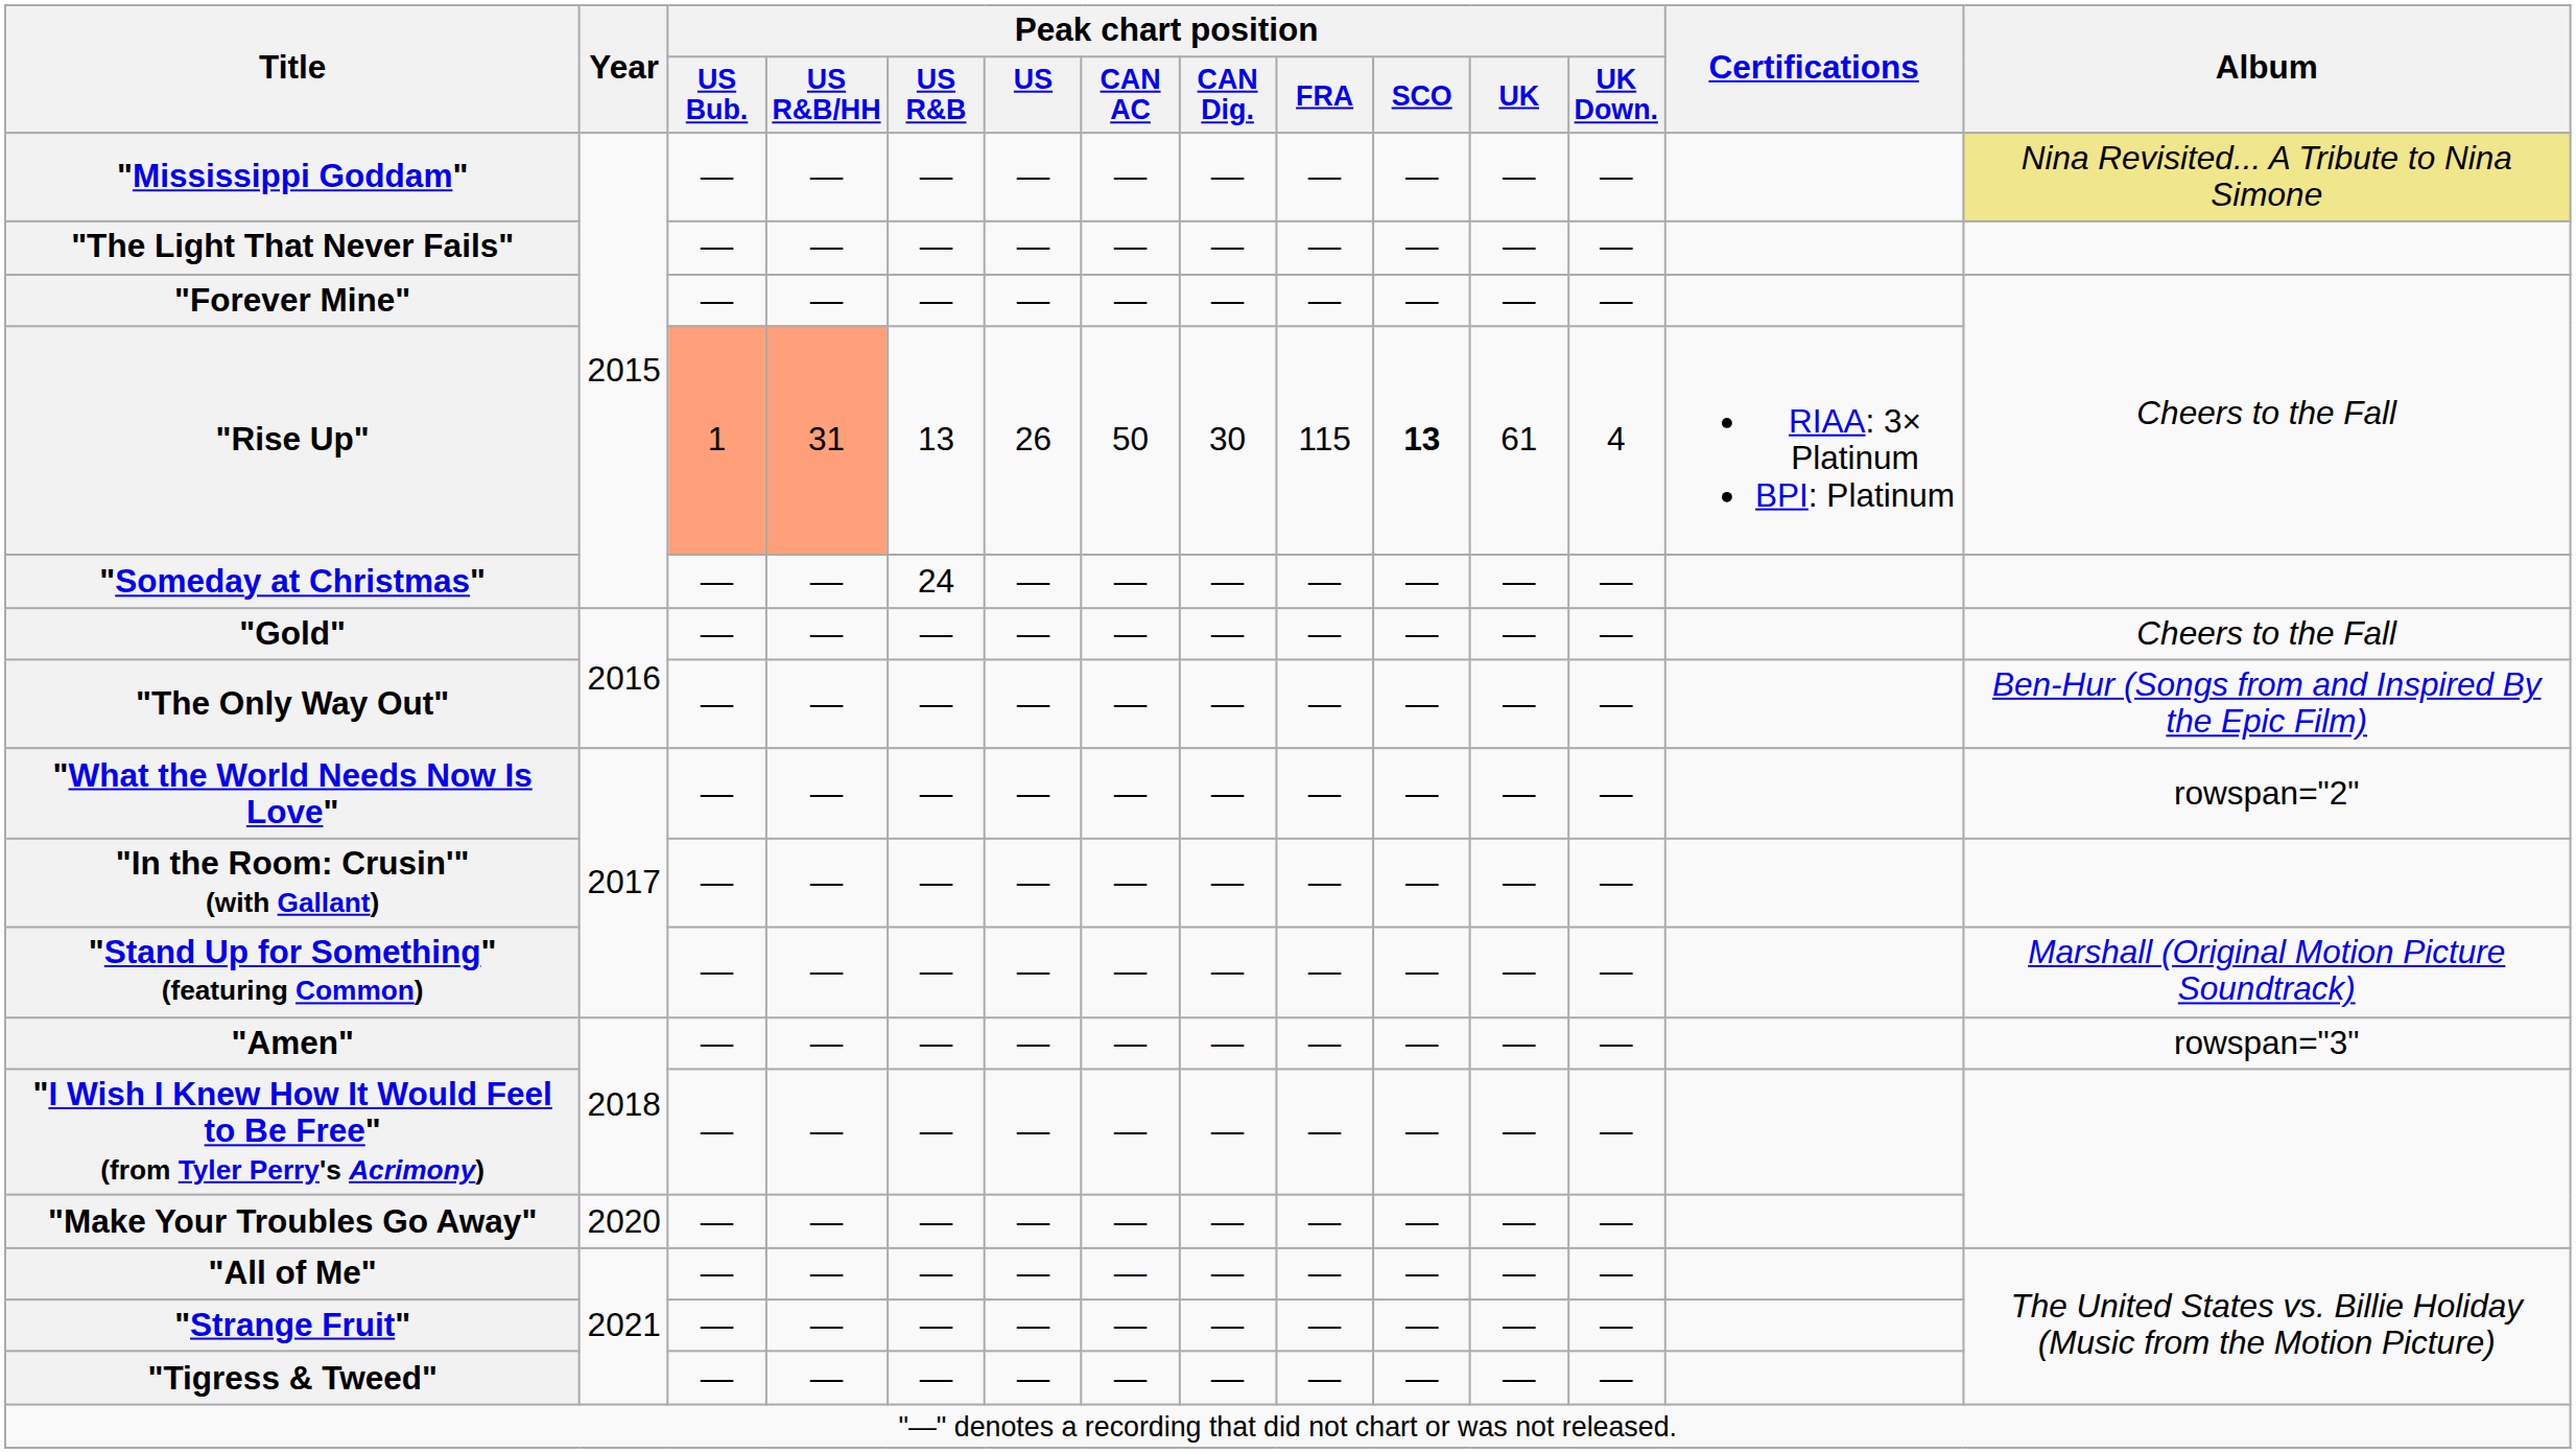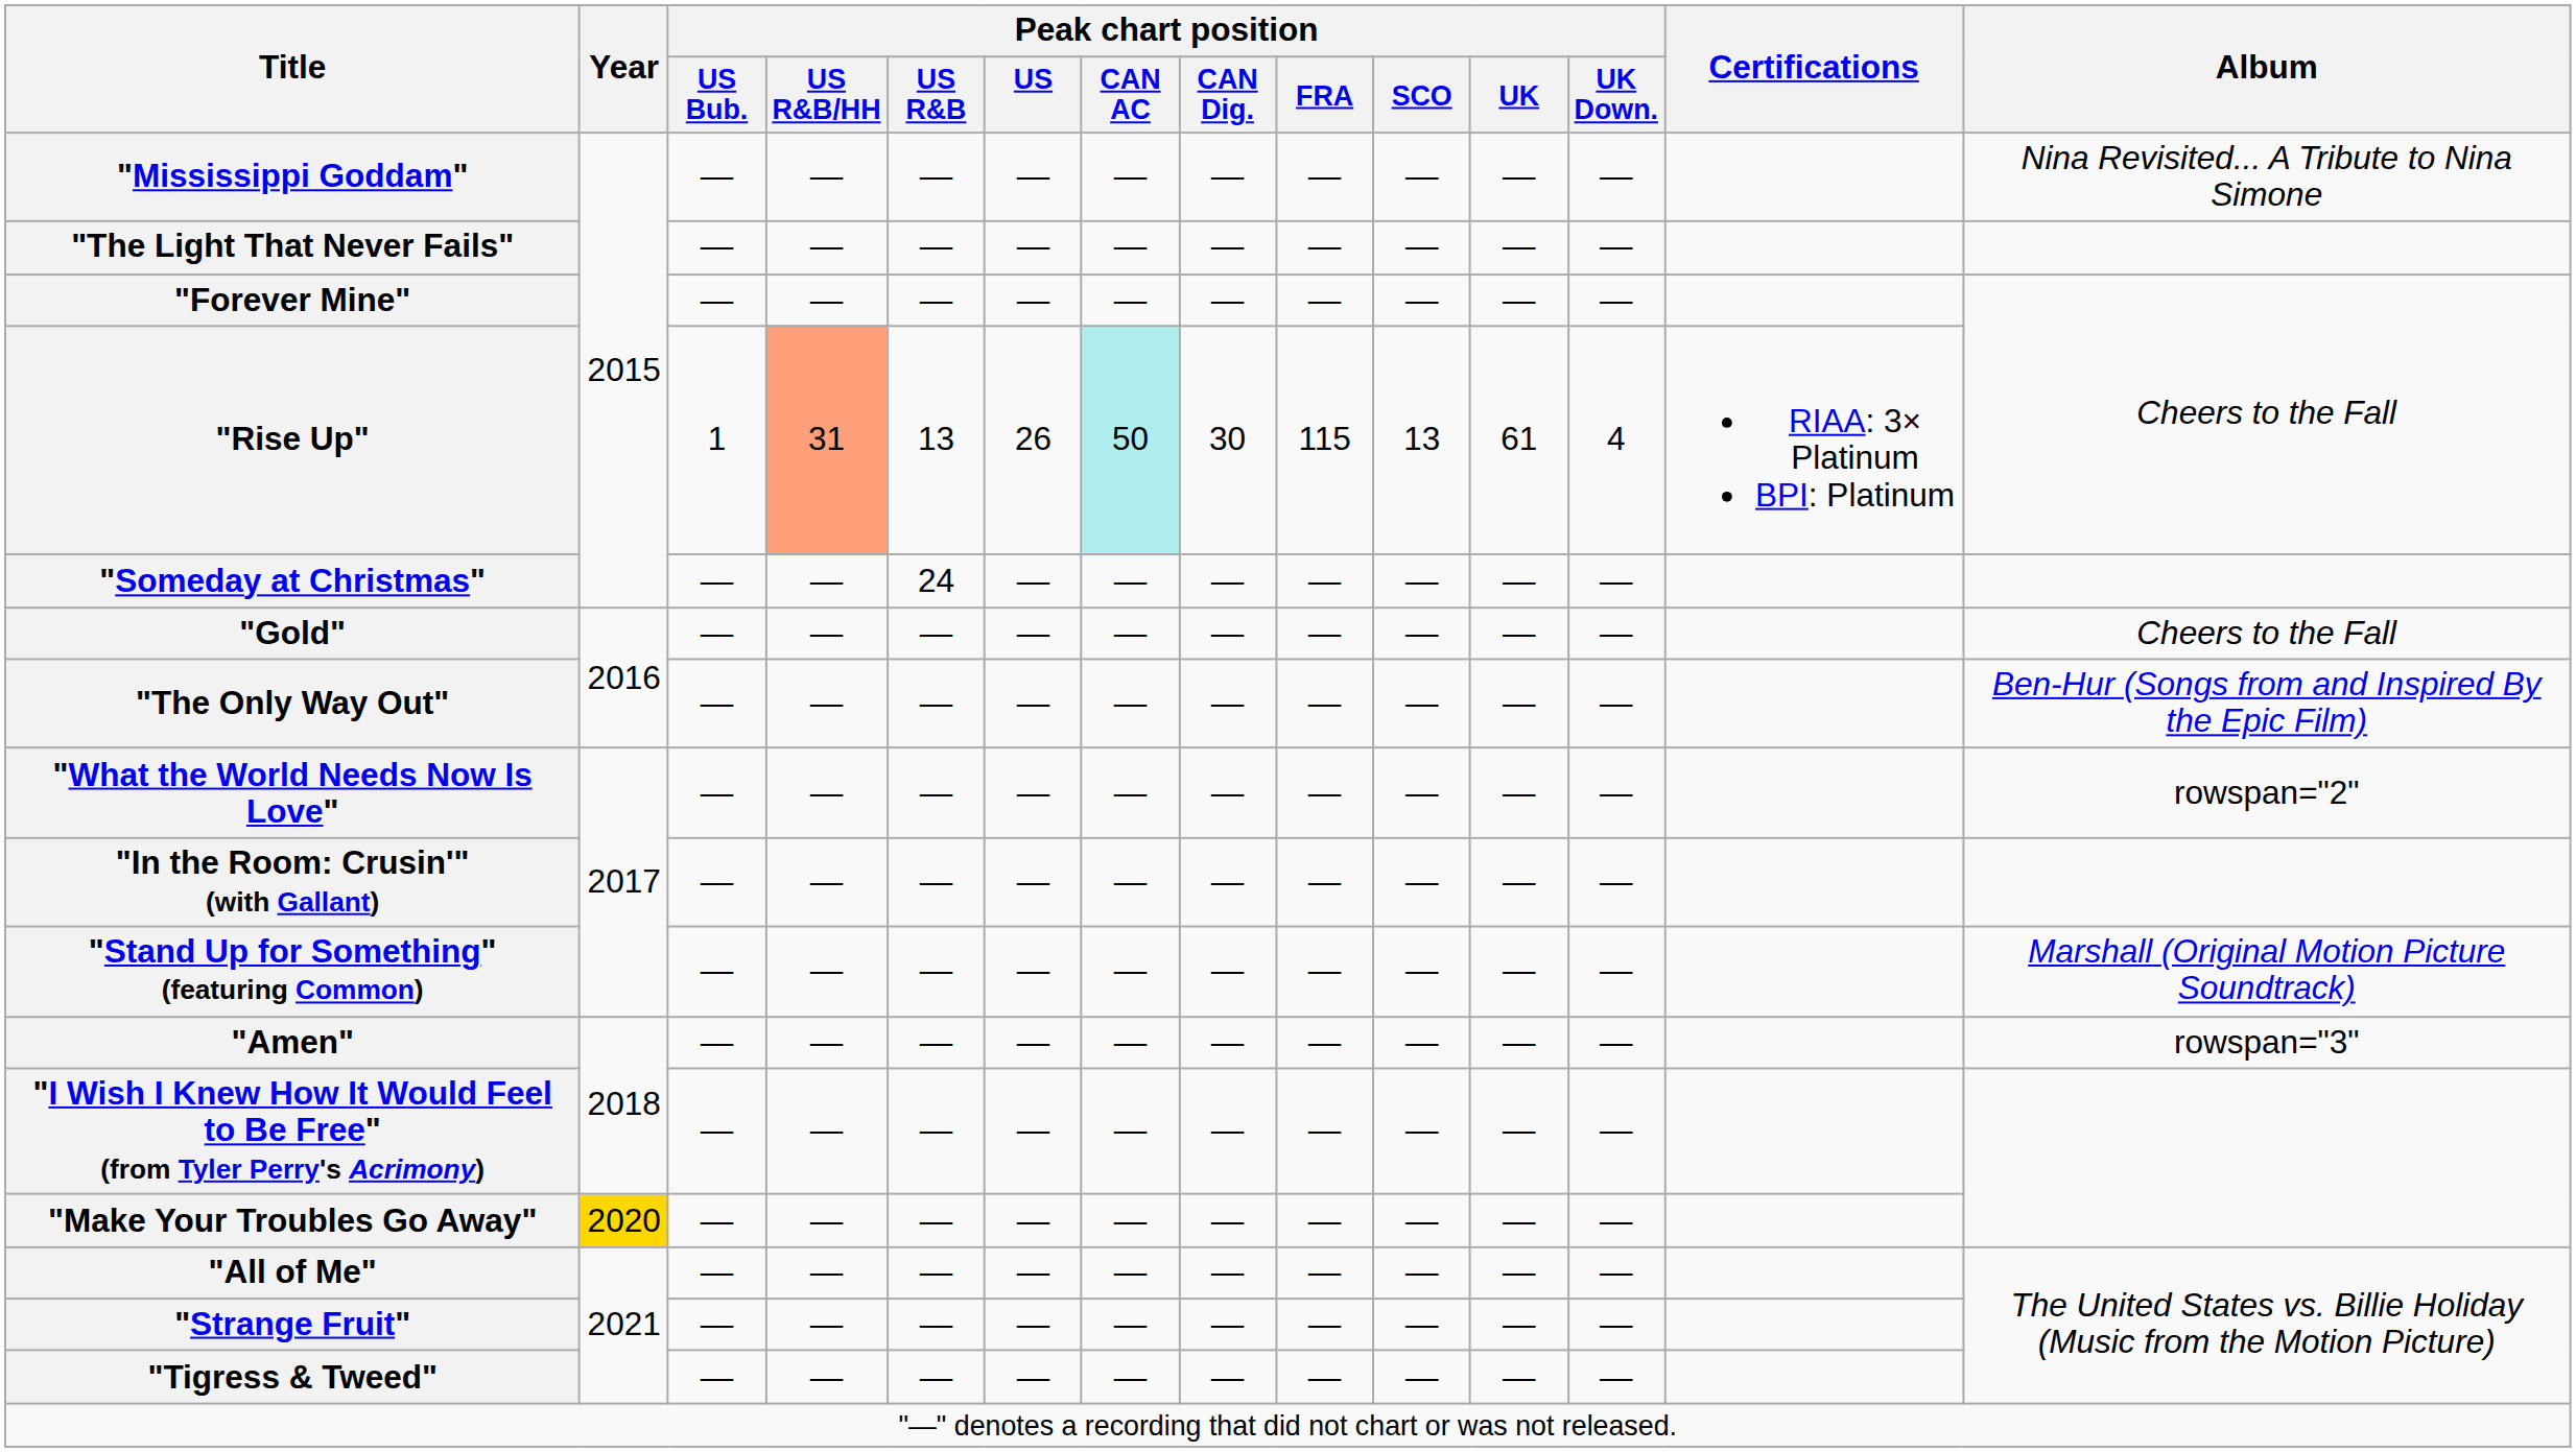 <table class="wikitable plainrowheaders" style="text-align:center;">
 <tr>
 <th scope="col" rowspan="2" style="width:17em;">Title</th>
 <th scope="col" rowspan="2" style="width:1em;">Year</th>
 <th scope="col" colspan="10">Peak chart position</th>
 <th scope="col" rowspan="2"><a href='#'>Certifications</a></th>
 <th scope="col" rowspan="2">Album</th>
 </tr>
 <tr>
 <th scope="col" style="width:3em;font-size:85%;"><a href='#'>US<br>Bub.</a><br></th>
 <th scope="col" style="width:3em;font-size:85%;"><a href='#'>US<br>R&B/HH</a><br></th>
 <th scope="col" style="width:3em;font-size:85%;"><a href='#'>US<br>R&B</a><br></th>
 <th scope="col" style="width:3em;font-size:85%;"><a href='#'>US<br></a><br></th>
 <th scope="col" style="width:3em;font-size:85%;"><a href='#'>CAN<br>AC</a><br></th>
 <th scope="col" style="width:3em;font-size:85%;"><a href='#'>CAN<br>Dig.</a><br></th>
 <th scope="col" style="width:3em;font-size:85%;"><a href='#'>FRA</a><br></th>
 <th scope="col" style="width:3em;font-size:85%;"><a href='#'>SCO</a></th>
 <th scope="col" style="width:3em;font-size:85%;"><a href='#'>UK</a><br></th>
 <th scope="col" style="width:3em;font-size:85%;"><a href='#'>UK Down.</a><br></th>
 </tr>
 <tr>
 <th scope="row">"<a href='#'>Mississippi Goddam</a>"</th>
 <td rowspan="5">2015</td>
 <td>—</td>
 <td>—</td>
 <td>—</td>
 <td>—</td>
 <td>—</td>
 <td>—</td>
 <td>—</td>
 <td>—</td>
 <td>—</td>
 <td>—</td>
 <td></td>
-<td style="background: khaki;"><em>Nina Revisited... A Tribute to Nina Simone</em></td>
+<td><em>Nina Revisited... A Tribute to Nina Simone</em></td>
 </tr>
 <tr>
 <th scope="row">"The Light That Never Fails"</th>
 <td>—</td>
 <td>—</td>
 <td>—</td>
 <td>—</td>
 <td>—</td>
 <td>—</td>
 <td>—</td>
 <td>—</td>
 <td>—</td>
 <td>—</td>
 <td></td>
 <td></td>
 </tr>
 <tr>
 <th scope="row">"Forever Mine"</th>
 <td>—</td>
 <td>—</td>
 <td>—</td>
 <td>—</td>
 <td>—</td>
 <td>—</td>
 <td>—</td>
 <td>—</td>
 <td>—</td>
 <td>—</td>
 <td></td>
 <td rowspan="2"><em>Cheers to the Fall</em></td>
 </tr>
 <tr>
 <th scope="row">"Rise Up"</th>
-<td style="background: lightsalmon;">1</td>
+<td>1</td>
 <td style="background: lightsalmon;">31</td>
 <td>13</td>
 <td>26</td>
-<td>50</td>
+<td style="background: paleturquoise;">50</td>
 <td>30</td>
 <td>115</td>
-<td><strong>13</strong></td>
+<td>13</td>
 <td>61</td>
 <td>4</td>
 <td><br><ul><li><a href='#'>RIAA</a>: 3× Platinum</li><li><a href='#'>BPI</a>: Platinum</li></ul></td>
 </tr>
 <tr>
 <th scope="row">"<a href='#'>Someday at Christmas</a>"<br></th>
 <td>—</td>
 <td>—</td>
 <td>24</td>
 <td>—</td>
 <td>—</td>
 <td>—</td>
 <td>—</td>
 <td>—</td>
 <td>—</td>
 <td>—</td>
 <td></td>
 <td></td>
 </tr>
 <tr>
 <th scope="row">"Gold"</th>
 <td rowspan="2">2016</td>
 <td>—</td>
 <td>—</td>
 <td>—</td>
 <td>—</td>
 <td>—</td>
 <td>—</td>
 <td>—</td>
 <td>—</td>
 <td>—</td>
 <td>—</td>
 <td></td>
 <td><em>Cheers to the Fall</em></td>
 </tr>
 <tr>
 <th scope="row">"The Only Way Out"</th>
 <td>—</td>
 <td>—</td>
 <td>—</td>
 <td>—</td>
 <td>—</td>
 <td>—</td>
 <td>—</td>
 <td>—</td>
 <td>—</td>
 <td>—</td>
 <td></td>
 <td><em><a href='#'>Ben-Hur (Songs from and Inspired By the Epic Film)</a></em></td>
 </tr>
 <tr>
 <th scope="row">"<a href='#'>What the World Needs Now Is Love</a>"</th>
 <td rowspan="3">2017</td>
 <td>—</td>
 <td>—</td>
 <td>—</td>
 <td>—</td>
 <td>—</td>
 <td>—</td>
 <td>—</td>
 <td>—</td>
 <td>—</td>
 <td>—</td>
 <td></td>
 <td>rowspan="2" </td>
 </tr>
 <tr>
 <th scope="row">"In the Room: Crusin'"<br><small>(with <a href='#'>Gallant</a>)</small></th>
 <td>—</td>
 <td>—</td>
 <td>—</td>
 <td>—</td>
 <td>—</td>
 <td>—</td>
 <td>—</td>
 <td>—</td>
 <td>—</td>
 <td>—</td>
 <td></td>
 </tr>
 <tr>
 <th scope="row">"<a href='#'>Stand Up for Something</a>"<br><small>(featuring <a href='#'>Common</a>)</small></th>
 <td>—</td>
 <td>—</td>
 <td>—</td>
 <td>—</td>
 <td>—</td>
 <td>—</td>
 <td>—</td>
 <td>—</td>
 <td>—</td>
 <td>—</td>
 <td></td>
 <td><em><a href='#'>Marshall (Original Motion Picture Soundtrack)</a></em></td>
 </tr>
 <tr>
 <th scope="row">"Amen"</th>
 <td rowspan="2">2018</td>
 <td>—</td>
 <td>—</td>
 <td>—</td>
 <td>—</td>
 <td>—</td>
 <td>—</td>
 <td>—</td>
 <td>—</td>
 <td>—</td>
 <td>—</td>
 <td></td>
 <td>rowspan="3" </td>
 </tr>
 <tr>
 <th scope="row">"<a href='#'>I Wish I Knew How It Would Feel to Be Free</a>"<br><small>(from <a href='#'>Tyler Perry</a>'s <em><a href='#'>Acrimony</a></em>)</small></th>
 <td>—</td>
 <td>—</td>
 <td>—</td>
 <td>—</td>
 <td>—</td>
 <td>—</td>
 <td>—</td>
 <td>—</td>
 <td>—</td>
 <td>—</td>
 <td></td>
 </tr>
 <tr>
 <th scope="row">"Make Your Troubles Go Away"</th>
-<td>2020</td>
+<td style="background: gold;">2020</td>
 <td>—</td>
 <td>—</td>
 <td>—</td>
 <td>—</td>
 <td>—</td>
 <td>—</td>
 <td>—</td>
 <td>—</td>
 <td>—</td>
 <td>—</td>
 <td></td>
 </tr>
 <tr>
 <th scope="row">"All of Me"</th>
 <td rowspan="3">2021</td>
 <td>—</td>
 <td>—</td>
 <td>—</td>
 <td>—</td>
 <td>—</td>
 <td>—</td>
 <td>—</td>
 <td>—</td>
 <td>—</td>
 <td>—</td>
 <td></td>
 <td rowspan="3"><em>The United States vs. Billie Holiday (Music from the Motion Picture)</em></td>
 </tr>
 <tr>
 <th scope="row">"<a href='#'>Strange Fruit</a>"</th>
 <td>—</td>
 <td>—</td>
 <td>—</td>
 <td>—</td>
 <td>—</td>
 <td>—</td>
 <td>—</td>
 <td>—</td>
 <td>—</td>
 <td>—</td>
 <td></td>
 </tr>
 <tr>
 <th scope="row">"Tigress & Tweed"</th>
 <td>—</td>
 <td>—</td>
 <td>—</td>
 <td>—</td>
 <td>—</td>
 <td>—</td>
 <td>—</td>
 <td>—</td>
 <td>—</td>
 <td>—</td>
 <td></td>
 </tr>
 <tr>
 <td style="font-size:85%;" colspan="14">"—" denotes a recording that did not chart or was not released.</td>
 </tr>
 </table>
